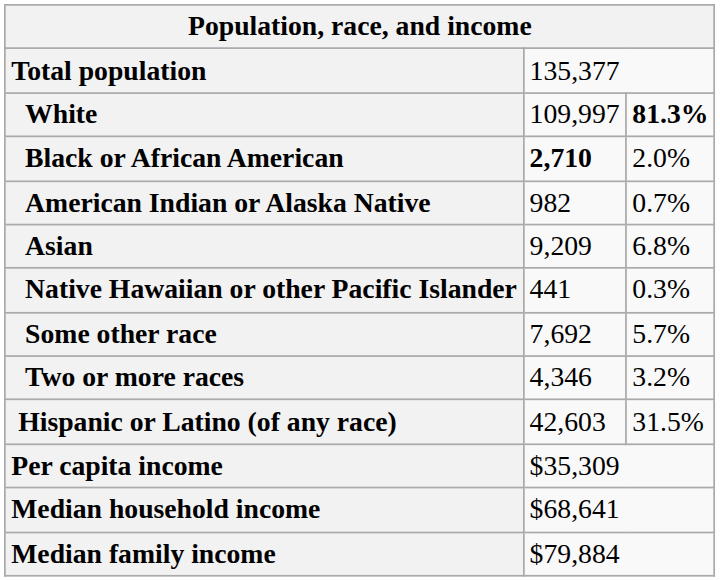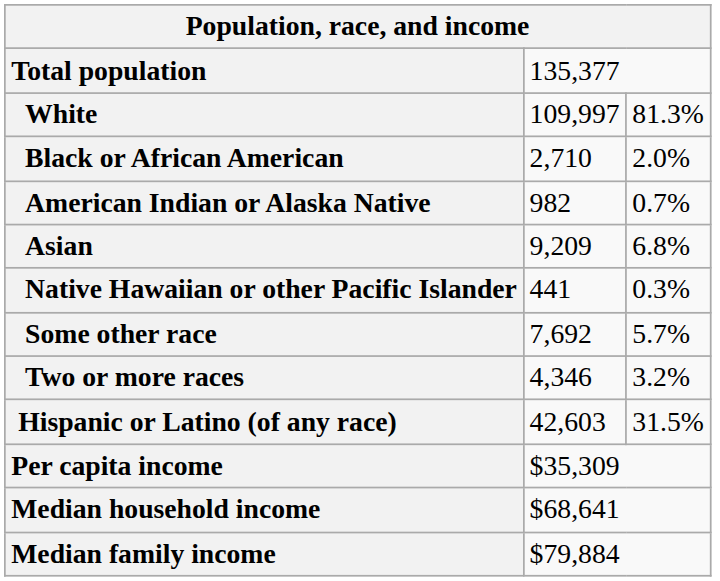 <table class="wikitable collapsible collapsed">
 <tr>
 <th colspan=6>Population, race, and income</th>
 </tr>
 <tr>
 <th scope="row" style="text-align: left;">Total population</th>
 <td colspan=2>135,377</td>
 </tr>
 <tr>
 <th scope="row" style="text-align: left;">  White</th>
 <td>109,997</td>
-<td><strong>81.3%</strong></td>
+<td>81.3%</td>
 </tr>
 <tr>
 <th scope="row" style="text-align: left;">  Black or African American</th>
-<td><strong>2,710</strong></td>
+<td>2,710</td>
 <td>2.0%</td>
 </tr>
 <tr>
 <th scope="row" style="text-align: left;">  American Indian or Alaska Native</th>
 <td>982</td>
 <td>0.7%</td>
 </tr>
 <tr>
 <th scope="row" style="text-align: left;">  Asian</th>
 <td>9,209</td>
 <td>6.8%</td>
 </tr>
 <tr>
 <th scope="row" style="text-align: left;">  Native Hawaiian or other Pacific Islander</th>
 <td>441</td>
 <td>0.3%</td>
 </tr>
 <tr>
 <th scope="row" style="text-align: left;">  Some other race</th>
 <td>7,692</td>
 <td>5.7%</td>
 </tr>
 <tr>
 <th scope="row" style="text-align: left;">  Two or more races</th>
 <td>4,346</td>
 <td>3.2%</td>
 </tr>
 <tr>
 <th scope="row" style="text-align: left;"> Hispanic or Latino (of any race)</th>
 <td>42,603</td>
 <td>31.5%</td>
 </tr>
 <tr>
 <th scope="row" style="text-align: left;">Per capita income</th>
 <td colspan=2>$35,309</td>
 </tr>
 <tr>
 <th scope="row" style="text-align: left;">Median household income</th>
 <td colspan=2>$68,641</td>
 </tr>
 <tr>
 <th scope="row" style="text-align: left;">Median family income</th>
 <td colspan=2>$79,884</td>
 </tr>
 </table>
